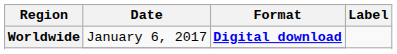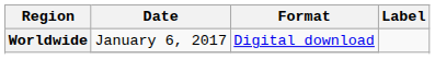 <table class="wikitable plainrowheaders">
 <tr>
 <th scope="col">Region</th>
 <th scope="col">Date</th>
 <th scope="col">Format</th>
 <th scope="col">Label</th>
 </tr>
 <tr>
 <th scope="row" rowspan="2">Worldwide</th>
 <td>January 6, 2017</td>
-<td><strong><a href='#'>Digital download</a></strong></td>
+<td><a href='#'>Digital download</a></td>
 <td rowspan="2"></td>
 </tr>
 <tr>
 </tr>
 </table>
